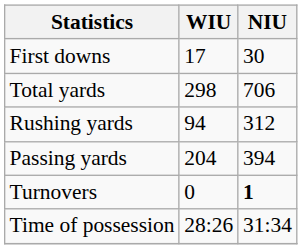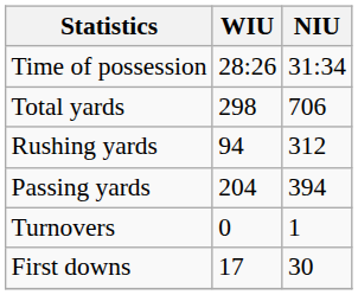 <table class="wikitable" style="float: left;">
 <tr>
 <th>Statistics</th>
 <th>WIU</th>
 <th>NIU</th>
 </tr>
 <tr>
-<td>First downs</td>
-<td>17</td>
-<td>30</td>
+<td>Time of possession</td>
+<td>28:26</td>
+<td>31:34</td>
 </tr>
 <tr>
 <td>Total yards</td>
 <td>298</td>
 <td>706</td>
 </tr>
 <tr>
 <td>Rushing yards</td>
 <td>94</td>
 <td>312</td>
 </tr>
 <tr>
 <td>Passing yards</td>
 <td>204</td>
 <td>394</td>
 </tr>
 <tr>
 <td>Turnovers</td>
 <td>0</td>
-<td><strong>1</strong></td>
+<td>1</td>
 </tr>
 <tr>
-<td>Time of possession</td>
-<td>28:26</td>
-<td>31:34</td>
+<td>First downs</td>
+<td>17</td>
+<td>30</td>
 </tr>
 <tr>
 </tr>
 </table>
